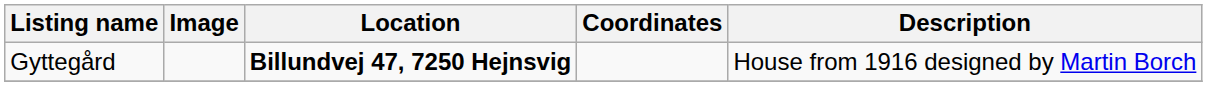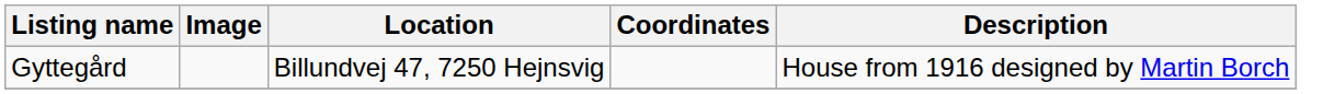 <table class="wikitable sortable">
 <tr>
 <th>Listing name</th>
 <th>Image</th>
 <th>Location</th>
 <th>Coordinates</th>
 <th>Description</th>
 </tr>
 <tr>
 <td>Gyttegård</td>
 <td></td>
-<td><strong>Billundvej 47, 7250 Hejnsvig</strong></td>
+<td>Billundvej 47, 7250 Hejnsvig</td>
 <td></td>
 <td>House from 1916 designed by <a href='#'>Martin Borch</a></td>
 </tr>
 <tr>
 </tr>
 </table>
